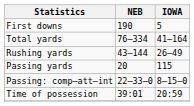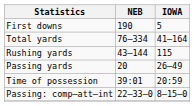 <table class="wikitable" style="float: left;">
 <tr>
 <th>Statistics</th>
 <th>NEB</th>
 <th>IOWA</th>
 </tr>
 <tr>
 <td>First downs</td>
 <td>190</td>
 <td>5</td>
 </tr>
 <tr>
 <td>Total yards</td>
 <td>76–334</td>
 <td>41–164</td>
 </tr>
 <tr>
 <td>Rushing yards</td>
 <td>43–144</td>
-<td>26–49</td>
+<td>115</td>
 </tr>
 <tr>
 <td>Passing yards</td>
 <td>20</td>
-<td>115</td>
+<td>26–49</td>
+</tr>
+<tr>
+<td>Time of possession</td>
+<td>39:01</td>
+<td>20:59</td>
 </tr>
 <tr>
 <td>Passing: comp–att–int</td>
 <td>22–33–0</td>
 <td>8–15–0</td>
 </tr>
 <tr>
-<td>Time of possession</td>
-<td>39:01</td>
-<td>20:59</td>
-</tr>
-<tr>
 </tr>
 </table>
